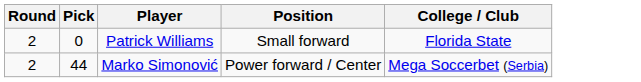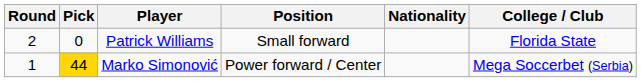 <table class="wikitable sortable sortable">
 <tr>
 <th>Round</th>
 <th>Pick</th>
 <th>Player</th>
 <th>Position</th>
+<th>Nationality</th>
 <th>College / Club</th>
 </tr>
 <tr style="text-align: center">
 <td>2</td>
 <td>0</td>
 <td><a href='#'>Patrick Williams</a></td>
 <td>Small forward</td>
+<td></td>
 <td><a href='#'>Florida State</a></td>
 </tr>
 <tr style="text-align: center">
-<td>2</td>
-<td>44</td>
+<td>1</td>
+<td style="background: gold;">44</td>
 <td><a href='#'>Marko Simonović</a></td>
 <td>Power forward / Center</td>
+<td></td>
 <td><a href='#'>Mega Soccerbet</a> <small>(<a href='#'>Serbia</a>)</small></td>
 </tr>
 </table>
